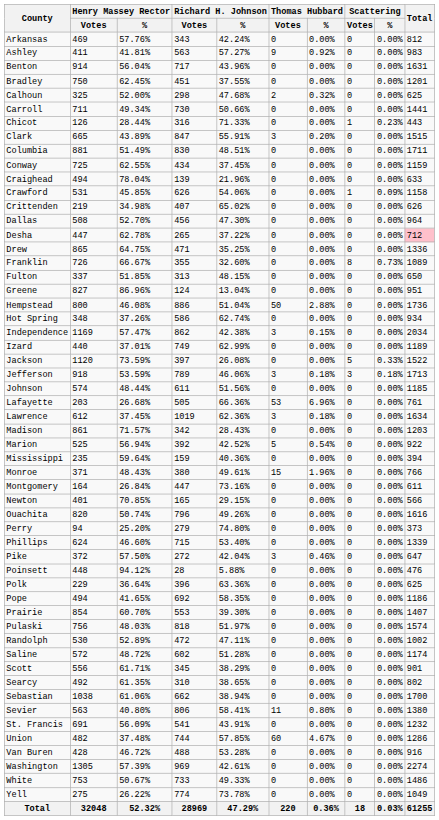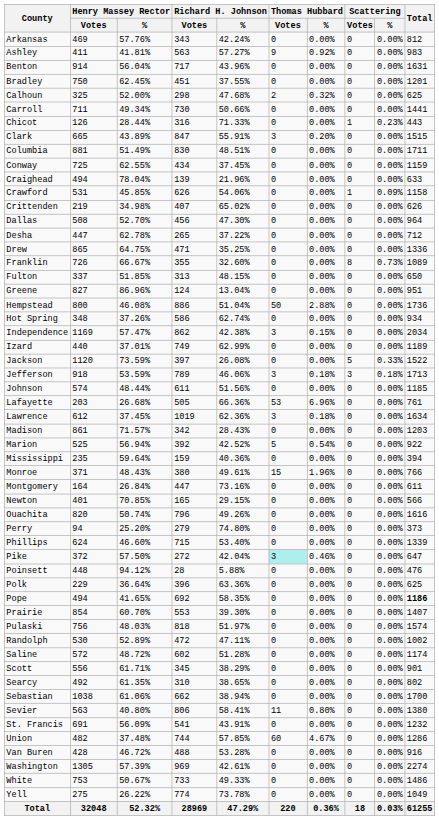 <table class="wikitable sortable mw-collapsible mw-collapsed">
 <tr>
 <th rowspan="2">County</th>
 <th colspan="2">Henry Massey Rector</th>
 <th colspan="2">Richard H. Johnson</th>
 <th colspan="2">Thomas Hubbard</th>
 <th colspan="2">Scattering</th>
 <th rowspan="2">Total</th>
 </tr>
 <tr>
 <th>Votes</th>
 <th>%</th>
 <th>Votes</th>
 <th>%</th>
 <th>Votes</th>
 <th>%</th>
 <th>Votes</th>
 <th>%</th>
 </tr>
 <tr>
 <td>Arkansas</td>
 <td>469</td>
 <td>57.76%</td>
 <td>343</td>
 <td>42.24%</td>
 <td>0</td>
 <td>0.00%</td>
 <td>0</td>
 <td>0.00%</td>
 <td>812</td>
 </tr>
 <tr>
 <td>Ashley</td>
 <td>411</td>
 <td>41.81%</td>
 <td>563</td>
 <td>57.27%</td>
 <td>9</td>
 <td>0.92%</td>
 <td>0</td>
 <td>0.00%</td>
 <td>983</td>
 </tr>
 <tr>
 <td>Benton</td>
 <td>914</td>
 <td>56.04%</td>
 <td>717</td>
 <td>43.96%</td>
 <td>0</td>
 <td>0.00%</td>
 <td>0</td>
 <td>0.00%</td>
 <td>1631</td>
 </tr>
 <tr>
 <td>Bradley</td>
 <td>750</td>
 <td>62.45%</td>
 <td>451</td>
 <td>37.55%</td>
 <td>0</td>
 <td>0.00%</td>
 <td>0</td>
 <td>0.00%</td>
 <td>1201</td>
 </tr>
 <tr>
 <td>Calhoun</td>
 <td>325</td>
 <td>52.00%</td>
 <td>298</td>
 <td>47.68%</td>
 <td>2</td>
 <td>0.32%</td>
 <td>0</td>
 <td>0.00%</td>
 <td>625</td>
 </tr>
 <tr>
 <td>Carroll</td>
 <td>711</td>
 <td>49.34%</td>
 <td>730</td>
 <td>50.66%</td>
 <td>0</td>
 <td>0.00%</td>
 <td>0</td>
 <td>0.00%</td>
 <td>1441</td>
 </tr>
 <tr>
 <td>Chicot</td>
 <td>126</td>
 <td>28.44%</td>
 <td>316</td>
 <td>71.33%</td>
 <td>0</td>
 <td>0.00%</td>
 <td>1</td>
 <td>0.23%</td>
 <td>443</td>
 </tr>
 <tr>
 <td>Clark</td>
 <td>665</td>
 <td>43.89%</td>
 <td>847</td>
 <td>55.91%</td>
 <td>3</td>
 <td>0.20%</td>
 <td>0</td>
 <td>0.00%</td>
 <td>1515</td>
 </tr>
 <tr>
 <td>Columbia</td>
 <td>881</td>
 <td>51.49%</td>
 <td>830</td>
 <td>48.51%</td>
 <td>0</td>
 <td>0.00%</td>
 <td>0</td>
 <td>0.00%</td>
 <td>1711</td>
 </tr>
 <tr>
 <td>Conway</td>
 <td>725</td>
 <td>62.55%</td>
 <td>434</td>
 <td>37.45%</td>
 <td>0</td>
 <td>0.00%</td>
 <td>0</td>
 <td>0.00%</td>
 <td>1159</td>
 </tr>
 <tr>
 <td>Craighead</td>
 <td>494</td>
 <td>78.04%</td>
 <td>139</td>
 <td>21.96%</td>
 <td>0</td>
 <td>0.00%</td>
 <td>0</td>
 <td>0.00%</td>
 <td>633</td>
 </tr>
 <tr>
 <td>Crawford</td>
 <td>531</td>
 <td>45.85%</td>
 <td>626</td>
 <td>54.06%</td>
 <td>0</td>
 <td>0.00%</td>
 <td>1</td>
 <td>0.09%</td>
 <td>1158</td>
 </tr>
 <tr>
 <td>Crittenden</td>
 <td>219</td>
 <td>34.98%</td>
 <td>407</td>
 <td>65.02%</td>
 <td>0</td>
 <td>0.00%</td>
 <td>0</td>
 <td>0.00%</td>
 <td>626</td>
 </tr>
 <tr>
 <td>Dallas</td>
 <td>508</td>
 <td>52.70%</td>
 <td>456</td>
 <td>47.30%</td>
 <td>0</td>
 <td>0.00%</td>
 <td>0</td>
 <td>0.00%</td>
 <td>964</td>
 </tr>
 <tr>
 <td>Desha</td>
 <td>447</td>
 <td>62.78%</td>
 <td>265</td>
 <td>37.22%</td>
 <td>0</td>
 <td>0.00%</td>
 <td>0</td>
 <td>0.00%</td>
-<td style="background: pink;">712</td>
+<td>712</td>
 </tr>
 <tr>
 <td>Drew</td>
 <td>865</td>
 <td>64.75%</td>
 <td>471</td>
 <td>35.25%</td>
 <td>0</td>
 <td>0.00%</td>
 <td>0</td>
 <td>0.00%</td>
 <td>1336</td>
 </tr>
 <tr>
 <td>Franklin</td>
 <td>726</td>
 <td>66.67%</td>
 <td>355</td>
 <td>32.60%</td>
 <td>0</td>
 <td>0.00%</td>
 <td>8</td>
 <td>0.73%</td>
 <td>1089</td>
 </tr>
 <tr>
 <td>Fulton</td>
 <td>337</td>
 <td>51.85%</td>
 <td>313</td>
 <td>48.15%</td>
 <td>0</td>
 <td>0.00%</td>
 <td>0</td>
 <td>0.00%</td>
 <td>650</td>
 </tr>
 <tr>
 <td>Greene</td>
 <td>827</td>
 <td>86.96%</td>
 <td>124</td>
 <td>13.04%</td>
 <td>0</td>
 <td>0.00%</td>
 <td>0</td>
 <td>0.00%</td>
 <td>951</td>
 </tr>
 <tr>
 <td>Hempstead</td>
 <td>800</td>
 <td>46.08%</td>
 <td>886</td>
 <td>51.04%</td>
 <td>50</td>
 <td>2.88%</td>
 <td>0</td>
 <td>0.00%</td>
 <td>1736</td>
 </tr>
 <tr>
 <td>Hot Spring</td>
 <td>348</td>
 <td>37.26%</td>
 <td>586</td>
 <td>62.74%</td>
 <td>0</td>
 <td>0.00%</td>
 <td>0</td>
 <td>0.00%</td>
 <td>934</td>
 </tr>
 <tr>
 <td>Independence</td>
 <td>1169</td>
 <td>57.47%</td>
 <td>862</td>
 <td>42.38%</td>
 <td>3</td>
 <td>0.15%</td>
 <td>0</td>
 <td>0.00%</td>
 <td>2034</td>
 </tr>
 <tr>
 <td>Izard</td>
 <td>440</td>
 <td>37.01%</td>
 <td>749</td>
 <td>62.99%</td>
 <td>0</td>
 <td>0.00%</td>
 <td>0</td>
 <td>0.00%</td>
 <td>1189</td>
 </tr>
 <tr>
 <td>Jackson</td>
 <td>1120</td>
 <td>73.59%</td>
 <td>397</td>
 <td>26.08%</td>
 <td>0</td>
 <td>0.00%</td>
 <td>5</td>
 <td>0.33%</td>
 <td>1522</td>
 </tr>
 <tr>
 <td>Jefferson</td>
 <td>918</td>
 <td>53.59%</td>
 <td>789</td>
 <td>46.06%</td>
 <td>3</td>
 <td>0.18%</td>
 <td>3</td>
 <td>0.18%</td>
 <td>1713</td>
 </tr>
 <tr>
 <td>Johnson</td>
 <td>574</td>
 <td>48.44%</td>
 <td>611</td>
 <td>51.56%</td>
 <td>0</td>
 <td>0.00%</td>
 <td>0</td>
 <td>0.00%</td>
 <td>1185</td>
 </tr>
 <tr>
 <td>Lafayette</td>
 <td>203</td>
 <td>26.68%</td>
 <td>505</td>
 <td>66.36%</td>
 <td>53</td>
 <td>6.96%</td>
 <td>0</td>
 <td>0.00%</td>
 <td>761</td>
 </tr>
 <tr>
 <td>Lawrence</td>
 <td>612</td>
 <td>37.45%</td>
 <td>1019</td>
 <td>62.36%</td>
 <td>3</td>
 <td>0.18%</td>
 <td>0</td>
 <td>0.00%</td>
 <td>1634</td>
 </tr>
 <tr>
 <td>Madison</td>
 <td>861</td>
 <td>71.57%</td>
 <td>342</td>
 <td>28.43%</td>
 <td>0</td>
 <td>0.00%</td>
 <td>0</td>
 <td>0.00%</td>
 <td>1203</td>
 </tr>
 <tr>
 <td>Marion</td>
 <td>525</td>
 <td>56.94%</td>
 <td>392</td>
 <td>42.52%</td>
 <td>5</td>
 <td>0.54%</td>
 <td>0</td>
 <td>0.00%</td>
 <td>922</td>
 </tr>
 <tr>
 <td>Mississippi</td>
 <td>235</td>
 <td>59.64%</td>
 <td>159</td>
 <td>40.36%</td>
 <td>0</td>
 <td>0.00%</td>
 <td>0</td>
 <td>0.00%</td>
 <td>394</td>
 </tr>
 <tr>
 <td>Monroe</td>
 <td>371</td>
 <td>48.43%</td>
 <td>380</td>
 <td>49.61%</td>
 <td>15</td>
 <td>1.96%</td>
 <td>0</td>
 <td>0.00%</td>
 <td>766</td>
 </tr>
 <tr>
 <td>Montgomery</td>
 <td>164</td>
 <td>26.84%</td>
 <td>447</td>
 <td>73.16%</td>
 <td>0</td>
 <td>0.00%</td>
 <td>0</td>
 <td>0.00%</td>
 <td>611</td>
 </tr>
 <tr>
 <td>Newton</td>
 <td>401</td>
 <td>70.85%</td>
 <td>165</td>
 <td>29.15%</td>
 <td>0</td>
 <td>0.00%</td>
 <td>0</td>
 <td>0.00%</td>
 <td>566</td>
 </tr>
 <tr>
 <td>Ouachita</td>
 <td>820</td>
 <td>50.74%</td>
 <td>796</td>
 <td>49.26%</td>
 <td>0</td>
 <td>0.00%</td>
 <td>0</td>
 <td>0.00%</td>
 <td>1616</td>
 </tr>
 <tr>
 <td>Perry</td>
 <td>94</td>
 <td>25.20%</td>
 <td>279</td>
 <td>74.80%</td>
 <td>0</td>
 <td>0.00%</td>
 <td>0</td>
 <td>0.00%</td>
 <td>373</td>
 </tr>
 <tr>
 <td>Phillips</td>
 <td>624</td>
 <td>46.60%</td>
 <td>715</td>
 <td>53.40%</td>
 <td>0</td>
 <td>0.00%</td>
 <td>0</td>
 <td>0.00%</td>
 <td>1339</td>
 </tr>
 <tr>
 <td>Pike</td>
 <td>372</td>
 <td>57.50%</td>
 <td>272</td>
 <td>42.04%</td>
-<td>3</td>
+<td style="background: paleturquoise;">3</td>
 <td>0.46%</td>
 <td>0</td>
 <td>0.00%</td>
 <td>647</td>
 </tr>
 <tr>
 <td>Poinsett</td>
 <td>448</td>
 <td>94.12%</td>
 <td>28</td>
 <td>5.88%</td>
 <td>0</td>
 <td>0.00%</td>
 <td>0</td>
 <td>0.00%</td>
 <td>476</td>
 </tr>
 <tr>
 <td>Polk</td>
 <td>229</td>
 <td>36.64%</td>
 <td>396</td>
 <td>63.36%</td>
 <td>0</td>
 <td>0.00%</td>
 <td>0</td>
 <td>0.00%</td>
 <td>625</td>
 </tr>
 <tr>
 <td>Pope</td>
 <td>494</td>
 <td>41.65%</td>
 <td>692</td>
 <td>58.35%</td>
 <td>0</td>
 <td>0.00%</td>
 <td>0</td>
 <td>0.00%</td>
-<td>1186</td>
+<td><strong>1186</strong></td>
 </tr>
 <tr>
 <td>Prairie</td>
 <td>854</td>
 <td>60.70%</td>
 <td>553</td>
 <td>39.30%</td>
 <td>0</td>
 <td>0.00%</td>
 <td>0</td>
 <td>0.00%</td>
 <td>1407</td>
 </tr>
 <tr>
 <td>Pulaski</td>
 <td>756</td>
 <td>48.03%</td>
 <td>818</td>
 <td>51.97%</td>
 <td>0</td>
 <td>0.00%</td>
 <td>0</td>
 <td>0.00%</td>
 <td>1574</td>
 </tr>
 <tr>
 <td>Randolph</td>
 <td>530</td>
 <td>52.89%</td>
 <td>472</td>
 <td>47.11%</td>
 <td>0</td>
 <td>0.00%</td>
 <td>0</td>
 <td>0.00%</td>
 <td>1002</td>
 </tr>
 <tr>
 <td>Saline</td>
 <td>572</td>
 <td>48.72%</td>
 <td>602</td>
 <td>51.28%</td>
 <td>0</td>
 <td>0.00%</td>
 <td>0</td>
 <td>0.00%</td>
 <td>1174</td>
 </tr>
 <tr>
 <td>Scott</td>
 <td>556</td>
 <td>61.71%</td>
 <td>345</td>
 <td>38.29%</td>
 <td>0</td>
 <td>0.00%</td>
 <td>0</td>
 <td>0.00%</td>
 <td>901</td>
 </tr>
 <tr>
 <td>Searcy</td>
 <td>492</td>
 <td>61.35%</td>
 <td>310</td>
 <td>38.65%</td>
 <td>0</td>
 <td>0.00%</td>
 <td>0</td>
 <td>0.00%</td>
 <td>802</td>
 </tr>
 <tr>
 <td>Sebastian</td>
 <td>1038</td>
 <td>61.06%</td>
 <td>662</td>
 <td>38.94%</td>
 <td>0</td>
 <td>0.00%</td>
 <td>0</td>
 <td>0.00%</td>
 <td>1700</td>
 </tr>
 <tr>
 <td>Sevier</td>
 <td>563</td>
 <td>40.80%</td>
 <td>806</td>
 <td>58.41%</td>
 <td>11</td>
 <td>0.80%</td>
 <td>0</td>
 <td>0.00%</td>
 <td>1380</td>
 </tr>
 <tr>
 <td>St. Francis</td>
 <td>691</td>
 <td>56.09%</td>
 <td>541</td>
 <td>43.91%</td>
 <td>0</td>
 <td>0.00%</td>
 <td>0</td>
 <td>0.00%</td>
 <td>1232</td>
 </tr>
 <tr>
 <td>Union</td>
 <td>482</td>
 <td>37.48%</td>
 <td>744</td>
 <td>57.85%</td>
 <td>60</td>
 <td>4.67%</td>
 <td>0</td>
 <td>0.00%</td>
 <td>1286</td>
 </tr>
 <tr>
 <td>Van Buren</td>
 <td>428</td>
 <td>46.72%</td>
 <td>488</td>
 <td>53.28%</td>
 <td>0</td>
 <td>0.00%</td>
 <td>0</td>
 <td>0.00%</td>
 <td>916</td>
 </tr>
 <tr>
 <td>Washington</td>
 <td>1305</td>
 <td>57.39%</td>
 <td>969</td>
 <td>42.61%</td>
 <td>0</td>
 <td>0.00%</td>
 <td>0</td>
 <td>0.00%</td>
 <td>2274</td>
 </tr>
 <tr>
 <td>White</td>
 <td>753</td>
 <td>50.67%</td>
 <td>733</td>
 <td>49.33%</td>
 <td>0</td>
 <td>0.00%</td>
 <td>0</td>
 <td>0.00%</td>
 <td>1486</td>
 </tr>
 <tr>
 <td>Yell</td>
 <td>275</td>
 <td>26.22%</td>
 <td>774</td>
 <td>73.78%</td>
 <td>0</td>
 <td>0.00%</td>
 <td>0</td>
 <td>0.00%</td>
 <td>1049</td>
 </tr>
 <tr>
 <th>Total</th>
 <th>32048</th>
 <th>52.32%</th>
 <th>28969</th>
 <th>47.29%</th>
 <th>220</th>
 <th>0.36%</th>
 <th>18</th>
 <th>0.03%</th>
 <th>61255</th>
 </tr>
 </table>
